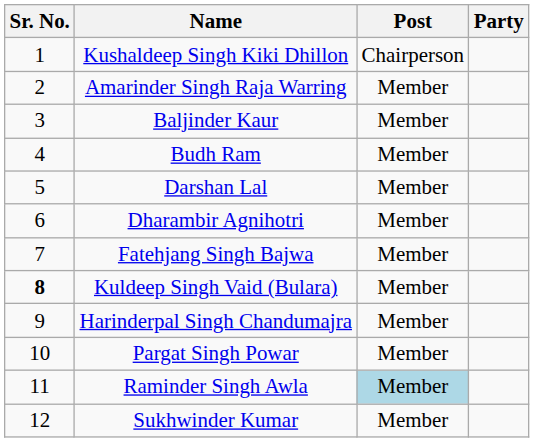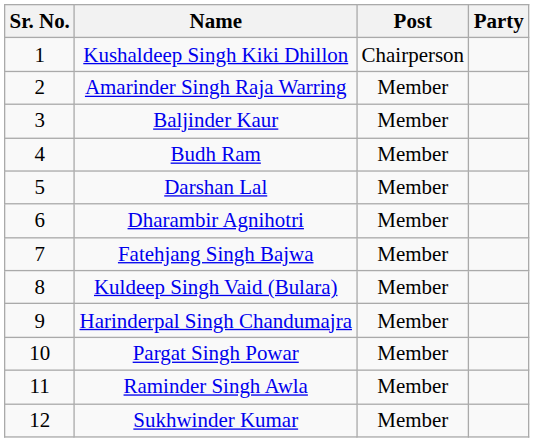 <table class="wikitable sortable">
 <tr>
 <th>Sr. No.</th>
 <th>Name</th>
 <th>Post</th>
 <th colspan="2">Party</th>
 </tr>
 <tr align="center">
 <td>1</td>
 <td><a href='#'>Kushaldeep Singh Kiki Dhillon</a></td>
 <td>Chairperson</td>
 <td></td>
 </tr>
 <tr align="center">
 <td>2</td>
 <td><a href='#'>Amarinder Singh Raja Warring</a></td>
 <td>Member</td>
 <td></td>
 </tr>
 <tr align="center">
 <td>3</td>
 <td><a href='#'>Baljinder Kaur</a></td>
 <td>Member</td>
 <td></td>
 </tr>
 <tr align="center">
 <td>4</td>
 <td><a href='#'>Budh Ram</a></td>
 <td>Member</td>
 <td></td>
 </tr>
 <tr align="center">
 <td>5</td>
 <td><a href='#'>Darshan Lal</a></td>
 <td>Member</td>
 <td></td>
 </tr>
 <tr align="center">
 <td>6</td>
 <td><a href='#'>Dharambir Agnihotri</a></td>
 <td>Member</td>
 <td></td>
 </tr>
 <tr align="center">
 <td>7</td>
 <td><a href='#'>Fatehjang Singh Bajwa</a></td>
 <td>Member</td>
 <td></td>
 </tr>
 <tr align="center">
-<td><strong>8</strong></td>
+<td>8</td>
 <td><a href='#'>Kuldeep Singh Vaid (Bulara)</a></td>
 <td>Member</td>
 <td></td>
 </tr>
 <tr align="center">
 <td>9</td>
 <td><a href='#'>Harinderpal Singh Chandumajra</a></td>
 <td>Member</td>
 <td></td>
 </tr>
 <tr align="center">
 <td>10</td>
 <td><a href='#'>Pargat Singh Powar</a></td>
 <td>Member</td>
 <td></td>
 </tr>
 <tr align="center">
 <td>11</td>
 <td><a href='#'>Raminder Singh Awla</a></td>
-<td style="background: lightblue;">Member</td>
+<td>Member</td>
 <td></td>
 </tr>
 <tr align="center">
 <td>12</td>
 <td><a href='#'>Sukhwinder Kumar</a></td>
 <td>Member</td>
 <td></td>
 </tr>
 </table>
